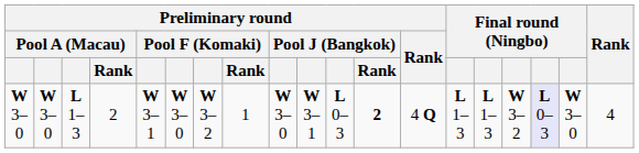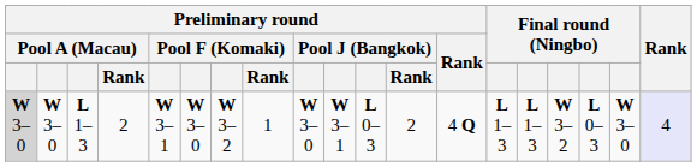 <table class="wikitable" style="font-size:100%;">
 <tr>
 <th colspan=13>Preliminary round</th>
 <th colspan=5 rowspan=2>Final round (Ningbo)</th>
 <th rowspan=3>Rank</th>
 </tr>
 <tr>
 <th colspan=4>Pool A (Macau)</th>
 <th colspan=4>Pool F (Komaki)</th>
 <th colspan=4>Pool J (Bangkok)</th>
 <th rowspan=2>Rank</th>
 </tr>
 <tr>
 <th></th>
 <th></th>
 <th></th>
 <th>Rank</th>
 <th></th>
 <th></th>
 <th></th>
 <th>Rank</th>
 <th></th>
 <th></th>
 <th></th>
 <th>Rank</th>
 <th></th>
 <th></th>
 <th></th>
 <th></th>
 <th></th>
 </tr>
 <tr align=center>
-<td><strong>W</strong> 3–0</td>
+<td style="background: lightgrey;"><strong>W</strong> 3–0</td>
 <td><strong>W</strong> 3–0</td>
 <td><strong>L</strong> 1–3</td>
 <td>2</td>
 <td><strong>W</strong> 3–1</td>
 <td><strong>W</strong> 3–0</td>
 <td><strong>W</strong> 3–2</td>
 <td>1</td>
 <td><strong>W</strong> 3–0</td>
 <td><strong>W</strong> 3–1</td>
 <td><strong>L</strong> 0–3</td>
-<td><strong>2</strong></td>
+<td>2</td>
 <td>4 <strong>Q</strong></td>
 <td><strong>L</strong> 1–3</td>
 <td><strong>L</strong> 1–3</td>
 <td><strong>W</strong> 3–2</td>
-<td style="background: lavender;"><strong>L</strong> 0–3</td>
+<td><strong>L</strong> 0–3</td>
 <td><strong>W</strong> 3–0</td>
-<td>4</td>
+<td style="background: lavender;">4</td>
 </tr>
 </table>
